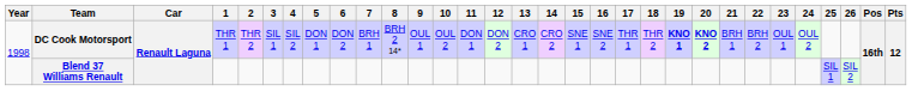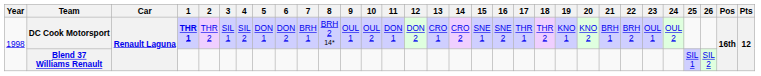 <table class="wikitable" style="text-align:center; font-size:85%">
 <tr>
 <th>Year</th>
 <th>Team</th>
 <th>Car</th>
 <th>1</th>
 <th>2</th>
 <th>3</th>
 <th>4</th>
 <th>5</th>
 <th>6</th>
 <th>7</th>
 <th>8</th>
 <th>9</th>
 <th>10</th>
 <th>11</th>
 <th>12</th>
 <th>13</th>
 <th>14</th>
 <th>15</th>
 <th>16</th>
 <th>17</th>
 <th>18</th>
 <th>19</th>
 <th>20</th>
 <th>21</th>
 <th>22</th>
 <th>23</th>
 <th>24</th>
 <th>25</th>
 <th>26</th>
 <th>Pos</th>
 <th>Pts</th>
 </tr>
 <tr>
 <td rowspan=2><a href='#'>1998</a></td>
 <th nowrap>DC Cook Motorsport</th>
 <th rowspan=2 nowrap><a href='#'>Renault Laguna</a></th>
-<td style="background:#CFCFFF;"><a href='#'>THR<br>1</a><br></td>
+<td style="background:#CFCFFF;"><strong><a href='#'>THR<br>1</a><br></strong></td>
 <td style="background:#EFCFFF;"><a href='#'>THR<br>2</a><br></td>
 <td style="background:#CFCFFF;"><a href='#'>SIL<br>1</a><br></td>
 <td style="background:#CFCFFF;"><a href='#'>SIL<br>2</a><br></td>
 <td style="background:#CFCFFF;"><a href='#'>DON<br>1</a><br></td>
 <td style="background:#CFCFFF;"><a href='#'>DON<br>2</a><br></td>
 <td style="background:#CFCFFF;"><a href='#'>BRH<br>1</a><br></td>
 <td style="background:#CFCFFF;"><a href='#'>BRH<br>2</a><br><small>14*</small></td>
 <td style="background:#CFCFFF;"><a href='#'>OUL<br>1</a><br></td>
 <td style="background:#CFCFFF;"><a href='#'>OUL<br>2</a><br></td>
 <td style="background:#CFCFFF;"><a href='#'>DON<br>1</a><br></td>
 <td style="background:#DFFFDF;"><a href='#'>DON<br>2</a><br></td>
 <td style="background:#CFCFFF;"><a href='#'>CRO<br>1</a><br></td>
 <td style="background:#EFCFFF;"><a href='#'>CRO<br>2</a><br></td>
 <td style="background:#CFCFFF;"><a href='#'>SNE<br>1</a><br></td>
 <td style="background:#CFCFFF;"><a href='#'>SNE<br>2</a><br></td>
 <td style="background:#CFCFFF;"><a href='#'>THR<br>1</a><br></td>
 <td style="background:#EFCFFF;"><a href='#'>THR<br>2</a><br></td>
-<td style="background:#CFCFFF;"><strong><a href='#'>KNO<br>1</a><br></strong></td>
-<td style="background:#DFFFDF;"><strong><a href='#'>KNO<br>2</a><br></strong></td>
+<td style="background:#CFCFFF;"><a href='#'>KNO<br>1</a><br></td>
+<td style="background:#DFFFDF;"><a href='#'>KNO<br>2</a><br></td>
 <td style="background:#CFCFFF;"><a href='#'>BRH<br>1</a><br></td>
 <td style="background:#CFCFFF;"><a href='#'>BRH<br>2</a><br></td>
 <td style="background:#CFCFFF;"><a href='#'>OUL<br>1</a><br></td>
 <td style="background:#DFFFDF;"><a href='#'>OUL<br>2</a><br></td>
 <td></td>
 <td></td>
 <th rowspan=2>16th</th>
 <th rowspan=2>12</th>
 </tr>
 <tr>
 <th nowrap><a href='#'>Blend 37<br>Williams Renault</a></th>
 <td></td>
 <td></td>
 <td></td>
 <td></td>
 <td></td>
 <td></td>
 <td></td>
 <td></td>
 <td></td>
 <td></td>
 <td></td>
 <td></td>
 <td></td>
 <td></td>
 <td></td>
 <td></td>
 <td></td>
 <td></td>
 <td></td>
 <td></td>
 <td></td>
 <td></td>
 <td></td>
 <td></td>
 <td style="background:#CFCFFF;"><a href='#'>SIL<br>1</a><br></td>
 <td style="background:#DFFFDF;"><a href='#'>SIL<br>2</a><br></td>
 </tr>
 </table>
